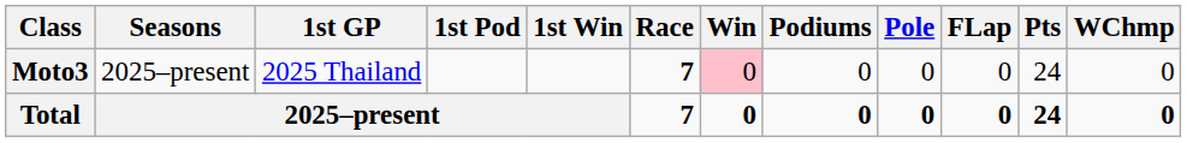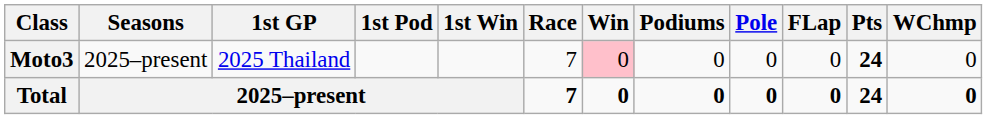 <table class="wikitable" style="text-align:right;">
 <tr>
 <th>Class</th>
 <th>Seasons</th>
 <th>1st GP</th>
 <th>1st Pod</th>
 <th>1st Win</th>
 <th>Race</th>
 <th>Win</th>
 <th>Podiums</th>
 <th><a href='#'>Pole</a></th>
 <th>FLap</th>
 <th>Pts</th>
 <th>WChmp</th>
 </tr>
 <tr>
 <th>Moto3</th>
 <td>2025–present</td>
 <td style="text-align:left;"><a href='#'>2025 Thailand</a></td>
 <td style="text-align:left;"></td>
 <td style="text-align:left;"></td>
-<td><strong>7</strong></td>
+<td>7</td>
 <td style="background: pink;">0</td>
 <td>0</td>
 <td>0</td>
 <td>0</td>
-<td>24</td>
+<td><strong>24</strong></td>
 <td>0</td>
 </tr>
 <tr>
 <th>Total</th>
 <th colspan="4">2025–present</th>
 <td><strong>7</strong></td>
 <td><strong>0</strong></td>
 <td><strong>0</strong></td>
 <td><strong>0</strong></td>
 <td><strong>0</strong></td>
 <td><strong>24</strong></td>
 <td><strong>0</strong></td>
 </tr>
 </table>
